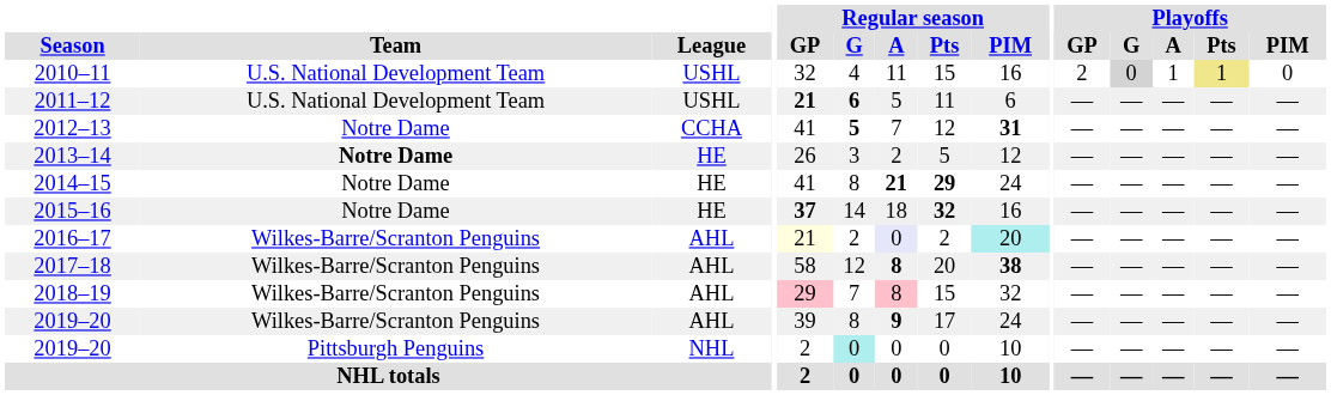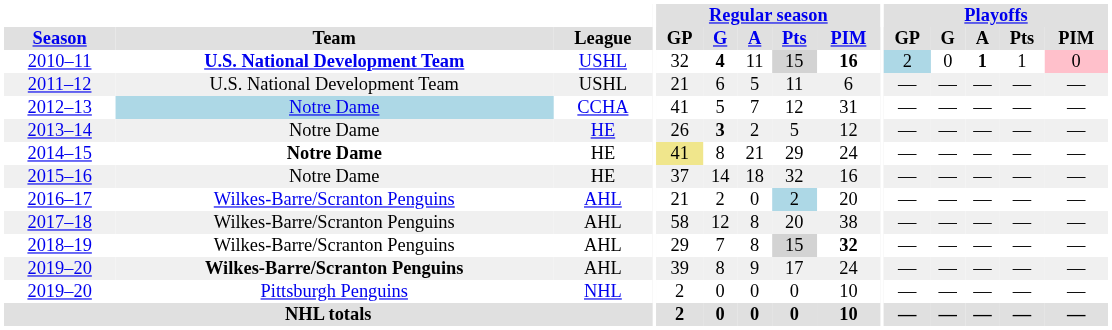 <table border="0" cellpadding="1" cellspacing="0" style="text-align:center; width:60em">
 <tr bgcolor="#e0e0e0">
 <th colspan="3" bgcolor="#ffffff"></th>
 <th rowspan="99" bgcolor="#ffffff"></th>
 <th colspan="5"><a href='#'>Regular season</a></th>
 <th rowspan="99" bgcolor="#ffffff"></th>
 <th colspan="5"><a href='#'>Playoffs</a></th>
 </tr>
 <tr bgcolor="#e0e0e0">
 <th><a href='#'>Season</a></th>
 <th>Team</th>
 <th>League</th>
 <th>GP</th>
 <th><a href='#'>G</a></th>
 <th><a href='#'>A</a></th>
 <th><a href='#'>Pts</a></th>
 <th><a href='#'>PIM</a></th>
 <th>GP</th>
 <th>G</th>
 <th>A</th>
 <th>Pts</th>
 <th>PIM</th>
 </tr>
 <tr>
 <td><a href='#'>2010–11</a></td>
-<td><a href='#'>U.S. National Development Team</a></td>
+<td><strong><a href='#'>U.S. National Development Team</a></strong></td>
 <td><a href='#'>USHL</a></td>
 <td>32</td>
-<td>4</td>
+<td><strong>4</strong></td>
 <td>11</td>
-<td>15</td>
-<td>16</td>
-<td>2</td>
-<td style="background: lightgrey;">0</td>
+<td style="background: lightgrey;">15</td>
+<td><strong>16</strong></td>
+<td style="background: lightblue;">2</td>
+<td>0</td>
+<td><strong>1</strong></td>
 <td>1</td>
-<td style="background: khaki;">1</td>
-<td>0</td>
+<td style="background: pink;">0</td>
 </tr>
 <tr bgcolor="#f0f0f0">
 <td><a href='#'>2011–12</a></td>
 <td>U.S. National Development Team</td>
 <td>USHL</td>
-<td><strong>21</strong></td>
-<td><strong>6</strong></td>
+<td>21</td>
+<td>6</td>
 <td>5</td>
 <td>11</td>
 <td>6</td>
 <td>—</td>
 <td>—</td>
 <td>—</td>
 <td>—</td>
 <td>—</td>
 </tr>
 <tr>
 <td><a href='#'>2012–13</a></td>
-<td><a href='#'>Notre Dame</a></td>
+<td style="background: lightblue;"><a href='#'>Notre Dame</a></td>
 <td><a href='#'>CCHA</a></td>
 <td>41</td>
-<td><strong>5</strong></td>
+<td>5</td>
 <td>7</td>
 <td>12</td>
-<td><strong>31</strong></td>
+<td>31</td>
 <td>—</td>
 <td>—</td>
 <td>—</td>
 <td>—</td>
 <td>—</td>
 </tr>
 <tr bgcolor="#f0f0f0">
 <td><a href='#'>2013–14</a></td>
-<td><strong>Notre Dame</strong></td>
+<td>Notre Dame</td>
 <td><a href='#'>HE</a></td>
 <td>26</td>
-<td>3</td>
+<td><strong>3</strong></td>
 <td>2</td>
 <td>5</td>
 <td>12</td>
 <td>—</td>
 <td>—</td>
 <td>—</td>
 <td>—</td>
 <td>—</td>
 </tr>
 <tr>
 <td><a href='#'>2014–15</a></td>
-<td>Notre Dame</td>
+<td><strong>Notre Dame</strong></td>
 <td>HE</td>
-<td>41</td>
+<td style="background: khaki;">41</td>
 <td>8</td>
-<td><strong>21</strong></td>
-<td><strong>29</strong></td>
+<td>21</td>
+<td>29</td>
 <td>24</td>
 <td>—</td>
 <td>—</td>
 <td>—</td>
 <td>—</td>
 <td>—</td>
 </tr>
 <tr bgcolor="#f0f0f0">
 <td><a href='#'>2015–16</a></td>
 <td>Notre Dame</td>
 <td>HE</td>
-<td><strong>37</strong></td>
+<td>37</td>
 <td>14</td>
 <td>18</td>
-<td><strong>32</strong></td>
+<td>32</td>
 <td>16</td>
 <td>—</td>
 <td>—</td>
 <td>—</td>
 <td>—</td>
 <td>—</td>
 </tr>
 <tr>
 <td><a href='#'>2016–17</a></td>
 <td><a href='#'>Wilkes-Barre/Scranton Penguins</a></td>
 <td><a href='#'>AHL</a></td>
-<td style="background: lightyellow;">21</td>
+<td>21</td>
 <td>2</td>
-<td style="background: lavender;">0</td>
-<td>2</td>
-<td style="background: paleturquoise;">20</td>
+<td>0</td>
+<td style="background: lightblue;">2</td>
+<td>20</td>
 <td>—</td>
 <td>—</td>
 <td>—</td>
 <td>—</td>
 <td>—</td>
 </tr>
 <tr bgcolor="#f0f0f0">
 <td><a href='#'>2017–18</a></td>
 <td>Wilkes-Barre/Scranton Penguins</td>
 <td>AHL</td>
 <td>58</td>
 <td>12</td>
-<td><strong>8</strong></td>
+<td>8</td>
 <td>20</td>
-<td><strong>38</strong></td>
+<td>38</td>
 <td>—</td>
 <td>—</td>
 <td>—</td>
 <td>—</td>
 <td>—</td>
 </tr>
 <tr>
 <td><a href='#'>2018–19</a></td>
 <td>Wilkes-Barre/Scranton Penguins</td>
 <td>AHL</td>
-<td style="background: pink;">29</td>
+<td>29</td>
 <td>7</td>
-<td style="background: pink;">8</td>
-<td>15</td>
-<td>32</td>
+<td>8</td>
+<td style="background: lightgrey;">15</td>
+<td><strong>32</strong></td>
 <td>—</td>
 <td>—</td>
 <td>—</td>
 <td>—</td>
 <td>—</td>
 </tr>
 <tr bgcolor="#f0f0f0">
 <td><a href='#'>2019–20</a></td>
-<td>Wilkes-Barre/Scranton Penguins</td>
+<td><strong>Wilkes-Barre/Scranton Penguins</strong></td>
 <td>AHL</td>
 <td>39</td>
 <td>8</td>
-<td><strong>9</strong></td>
+<td>9</td>
 <td>17</td>
 <td>24</td>
 <td>—</td>
 <td>—</td>
 <td>—</td>
 <td>—</td>
 <td>—</td>
 </tr>
 <tr>
 <td><a href='#'>2019–20</a></td>
 <td><a href='#'>Pittsburgh Penguins</a></td>
 <td><a href='#'>NHL</a></td>
 <td>2</td>
-<td style="background: paleturquoise;">0</td>
+<td>0</td>
 <td>0</td>
 <td>0</td>
 <td>10</td>
 <td>—</td>
 <td>—</td>
 <td>—</td>
 <td>—</td>
 <td>—</td>
 </tr>
 <tr bgcolor="#e0e0e0">
 <th colspan="3">NHL totals</th>
 <th>2</th>
 <th>0</th>
 <th>0</th>
 <th>0</th>
 <th>10</th>
 <th>—</th>
 <th>—</th>
 <th>—</th>
 <th>—</th>
 <th>—</th>
 </tr>
 </table>
